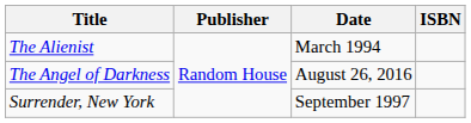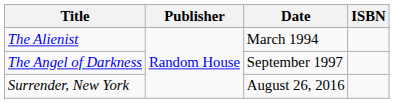 <table class="wikitable">
 <tr>
 <th>Title</th>
 <th>Publisher</th>
 <th>Date</th>
 <th>ISBN</th>
 </tr>
 <tr>
 <td><em><a href='#'>The Alienist</a></em></td>
 <td rowspan="3"><a href='#'>Random House</a></td>
 <td>March 1994</td>
 <td></td>
 </tr>
 <tr>
 <td><em><a href='#'>The Angel of Darkness</a></em></td>
-<td>August 26, 2016</td>
+<td>September 1997</td>
 <td></td>
 </tr>
 <tr>
 <td><em>Surrender, New York</em></td>
-<td>September 1997</td>
+<td>August 26, 2016</td>
 <td></td>
 </tr>
 </table>
